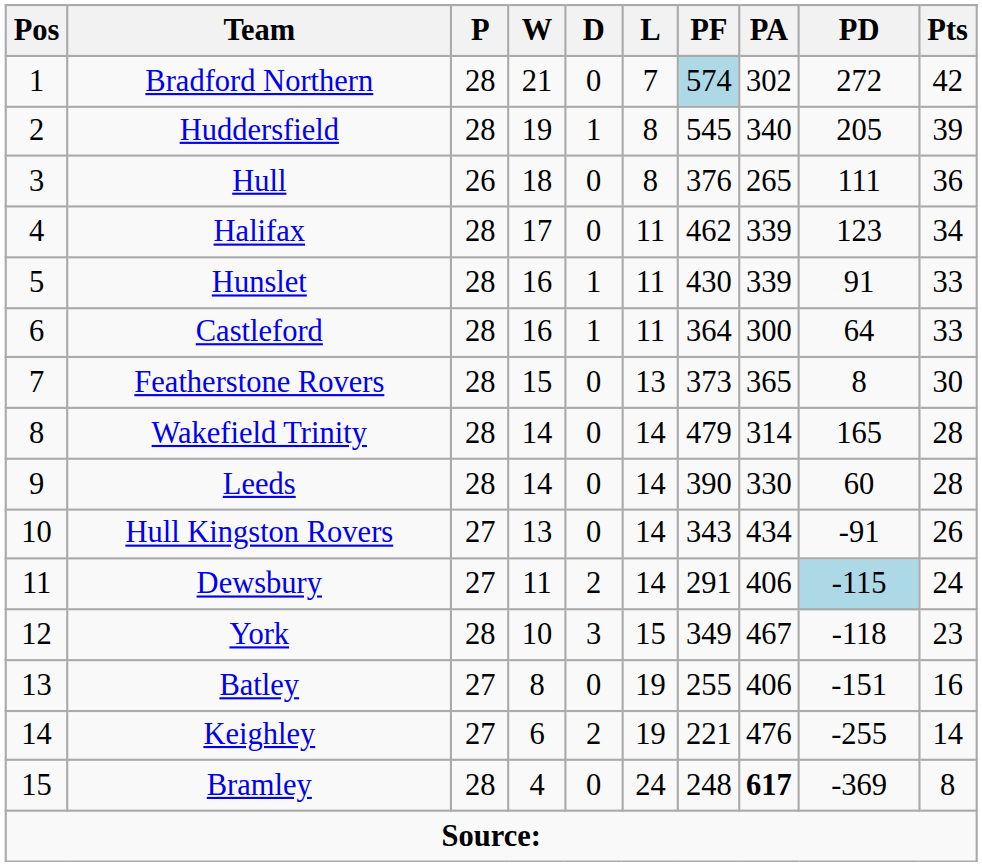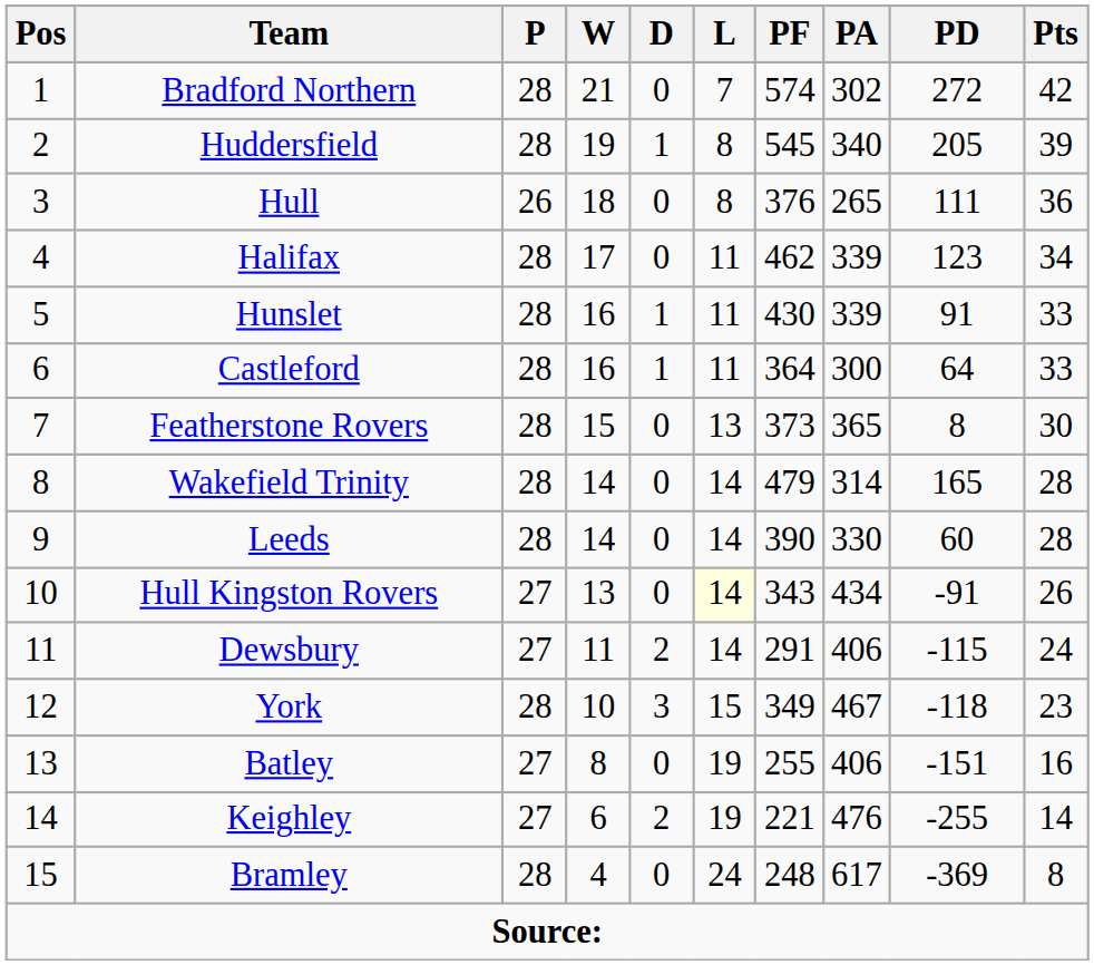 <table class="wikitable" style="font-size:90%; margin-left:1em; text-align:center">
 <tr>
 <th width=20>Pos</th>
 <th width=175>Team</th>
 <th width=20>P</th>
 <th width=20>W</th>
 <th width=20>D</th>
 <th width=20>L</th>
 <th width=20>PF</th>
 <th width=20>PA</th>
 <th width=50>PD</th>
 <th width=20>Pts</th>
 </tr>
 <tr>
 <td>1</td>
 <td><a href='#'>Bradford Northern</a></td>
 <td>28</td>
 <td>21</td>
 <td>0</td>
 <td>7</td>
-<td style="background: lightblue;">574</td>
+<td>574</td>
 <td>302</td>
 <td>272</td>
 <td>42</td>
 </tr>
 <tr>
 <td>2</td>
 <td><a href='#'>Huddersfield</a></td>
 <td>28</td>
 <td>19</td>
 <td>1</td>
 <td>8</td>
 <td>545</td>
 <td>340</td>
 <td>205</td>
 <td>39</td>
 </tr>
 <tr>
 <td>3</td>
 <td><a href='#'>Hull</a></td>
 <td>26</td>
 <td>18</td>
 <td>0</td>
 <td>8</td>
 <td>376</td>
 <td>265</td>
 <td>111</td>
 <td>36</td>
 </tr>
 <tr>
 <td>4</td>
 <td><a href='#'>Halifax</a></td>
 <td>28</td>
 <td>17</td>
 <td>0</td>
 <td>11</td>
 <td>462</td>
 <td>339</td>
 <td>123</td>
 <td>34</td>
 </tr>
 <tr>
 <td>5</td>
 <td><a href='#'>Hunslet</a></td>
 <td>28</td>
 <td>16</td>
 <td>1</td>
 <td>11</td>
 <td>430</td>
 <td>339</td>
 <td>91</td>
 <td>33</td>
 </tr>
 <tr>
 <td>6</td>
 <td><a href='#'>Castleford</a></td>
 <td>28</td>
 <td>16</td>
 <td>1</td>
 <td>11</td>
 <td>364</td>
 <td>300</td>
 <td>64</td>
 <td>33</td>
 </tr>
 <tr>
 <td>7</td>
 <td><a href='#'>Featherstone Rovers</a></td>
 <td>28</td>
 <td>15</td>
 <td>0</td>
 <td>13</td>
 <td>373</td>
 <td>365</td>
 <td>8</td>
 <td>30</td>
 </tr>
 <tr>
 <td>8</td>
 <td><a href='#'>Wakefield Trinity</a></td>
 <td>28</td>
 <td>14</td>
 <td>0</td>
 <td>14</td>
 <td>479</td>
 <td>314</td>
 <td>165</td>
 <td>28</td>
 </tr>
 <tr>
 <td>9</td>
 <td><a href='#'>Leeds</a></td>
 <td>28</td>
 <td>14</td>
 <td>0</td>
 <td>14</td>
 <td>390</td>
 <td>330</td>
 <td>60</td>
 <td>28</td>
 </tr>
 <tr>
 <td>10</td>
 <td><a href='#'>Hull Kingston Rovers</a></td>
 <td>27</td>
 <td>13</td>
 <td>0</td>
-<td>14</td>
+<td style="background: lightyellow;">14</td>
 <td>343</td>
 <td>434</td>
 <td>-91</td>
 <td>26</td>
 </tr>
 <tr>
 <td>11</td>
 <td><a href='#'>Dewsbury</a></td>
 <td>27</td>
 <td>11</td>
 <td>2</td>
 <td>14</td>
 <td>291</td>
 <td>406</td>
-<td style="background: lightblue;">-115</td>
+<td>-115</td>
 <td>24</td>
 </tr>
 <tr>
 <td>12</td>
 <td><a href='#'>York</a></td>
 <td>28</td>
 <td>10</td>
 <td>3</td>
 <td>15</td>
 <td>349</td>
 <td>467</td>
 <td>-118</td>
 <td>23</td>
 </tr>
 <tr>
 <td>13</td>
 <td><a href='#'>Batley</a></td>
 <td>27</td>
 <td>8</td>
 <td>0</td>
 <td>19</td>
 <td>255</td>
 <td>406</td>
 <td>-151</td>
 <td>16</td>
 </tr>
 <tr>
 <td>14</td>
 <td><a href='#'>Keighley</a></td>
 <td>27</td>
 <td>6</td>
 <td>2</td>
 <td>19</td>
 <td>221</td>
 <td>476</td>
 <td>-255</td>
 <td>14</td>
 </tr>
 <tr>
 <td>15</td>
 <td><a href='#'>Bramley</a></td>
 <td>28</td>
 <td>4</td>
 <td>0</td>
 <td>24</td>
 <td>248</td>
-<td><strong>617</strong></td>
+<td>617</td>
 <td>-369</td>
 <td>8</td>
 </tr>
 <tr>
 <td colspan=10><strong>Source:</strong></td>
 </tr>
 </table>
